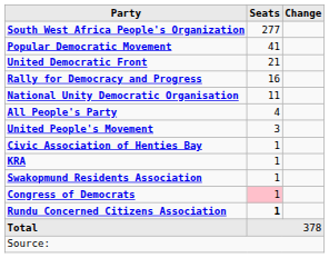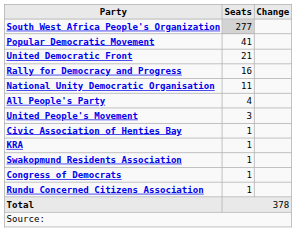 <table class="wikitable">
 <tr>
 <th style="background-color:#E9E9E9">Party</th>
 <th style="background-color:#E9E9E9">Seats</th>
 <th style="background-color:#E9E9E9">Change</th>
 </tr>
 <tr>
 <td><strong><a href='#'>South West Africa People's Organization</a></strong></td>
-<td align="right">277</td>
+<td align="right" style="background: lightgrey;">277</td>
 <td></td>
 </tr>
 <tr>
 <td><strong><a href='#'>Popular Democratic Movement</a></strong></td>
 <td align="right">41</td>
 <td></td>
 </tr>
 <tr>
 <td><strong><a href='#'>United Democratic Front</a></strong></td>
 <td align="right">21</td>
 <td></td>
 </tr>
 <tr>
 <td><strong><a href='#'>Rally for Democracy and Progress</a></strong></td>
 <td align="right">16</td>
 <td></td>
 </tr>
 <tr>
 <td><strong><a href='#'>National Unity Democratic Organisation</a></strong></td>
 <td align="right">11</td>
 <td></td>
 </tr>
 <tr>
 <td><strong><a href='#'>All People's Party</a></strong></td>
 <td align="right">4</td>
 <td></td>
 </tr>
 <tr>
 <td><strong><a href='#'>United People's Movement</a></strong></td>
 <td align="right">3</td>
 <td></td>
 </tr>
 <tr>
 <td><strong><a href='#'>Civic Association of Henties Bay</a></strong></td>
 <td align="right">1</td>
 <td></td>
 </tr>
 <tr>
 <td><strong><a href='#'>KRA</a></strong></td>
 <td align="right">1</td>
 <td></td>
 </tr>
 <tr>
 <td><strong><a href='#'>Swakopmund Residents Association</a></strong></td>
 <td align="right">1</td>
 <td></td>
 </tr>
 <tr>
 <td><strong><a href='#'>Congress of Democrats</a></strong></td>
-<td align="right" style="background: pink;">1</td>
+<td align="right">1</td>
 <td></td>
 </tr>
 <tr>
 <td><strong><a href='#'>Rundu Concerned Citizens Association</a></strong></td>
-<td align="right"><strong>1</strong></td>
+<td align="right">1</td>
 <td></td>
 </tr>
 <tr>
 <td style="background-color:#E9E9E9"><strong>Total</strong></td>
 <td align="right" style="background-color:#E9E9E9" colspan="2">378</td>
 </tr>
 <tr>
 <td align=left colspan=3>Source:</td>
 </tr>
 </table>
